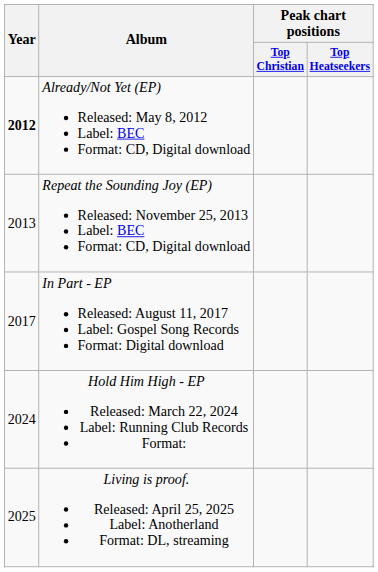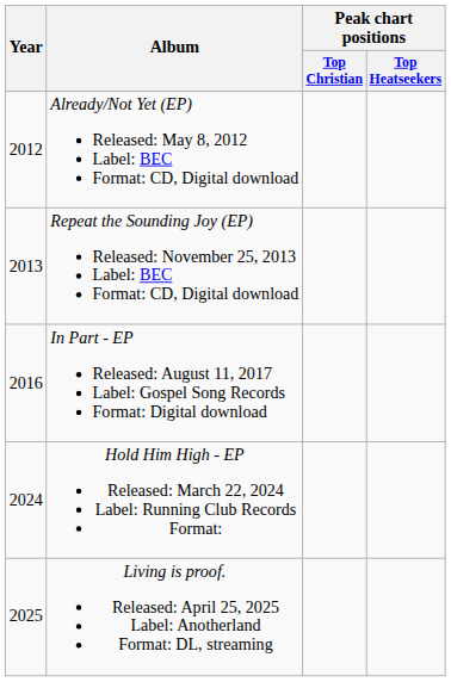 <table class="wikitable" style="text-align:center;">
 <tr>
 <th rowspan="2">Year</th>
 <th rowspan="2">Album</th>
 <th colspan="3">Peak chart positions</th>
 </tr>
 <tr style="font-size:smaller;">
 <th width="40"><a href='#'>Top<br>Christian</a></th>
 <th width="40"><a href='#'>Top<br>Heatseekers</a></th>
 </tr>
 <tr>
-<td><strong>2012</strong></td>
+<td>2012</td>
 <td align="left"><em>Already/Not Yet (EP)</em><br><ul><li>Released: May 8, 2012</li><li>Label: <a href='#'>BEC</a></li><li>Format: CD, Digital download</li></ul></td>
 <td></td>
 <td></td>
 </tr>
 <tr>
 <td>2013</td>
 <td align="left"><em>Repeat the Sounding Joy (EP)</em><br><ul><li>Released: November 25, 2013</li><li>Label: <a href='#'>BEC</a></li><li>Format: CD, Digital download</li></ul></td>
 <td></td>
 <td></td>
 </tr>
 <tr>
-<td>2017</td>
+<td>2016</td>
 <td align="left"><em>In Part  - EP</em><br><ul><li>Released: August 11, 2017</li><li>Label: Gospel Song Records</li><li>Format: Digital download</li></ul></td>
 <td></td>
 <td></td>
 </tr>
 <tr>
 <td>2024</td>
 <td><em>Hold Him High - EP</em><br><ul><li>Released: March 22, 2024</li><li>Label: Running Club Records</li><li>Format:</li></ul></td>
 <td></td>
 <td></td>
 </tr>
 <tr>
 <td>2025</td>
 <td><em>Living is proof.</em><br><ul><li>Released: April 25, 2025</li><li>Label: Anotherland</li><li>Format: DL, streaming</li></ul></td>
 <td></td>
 <td></td>
 </tr>
 </table>
